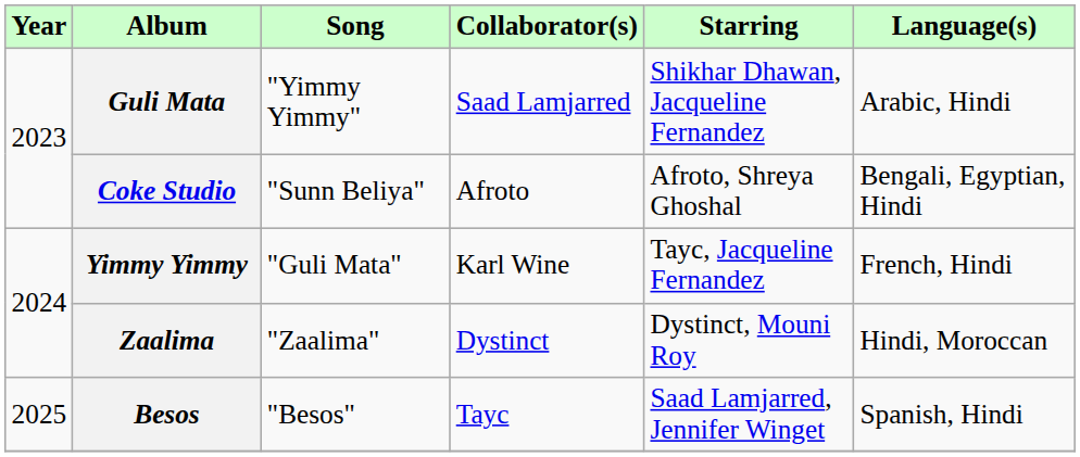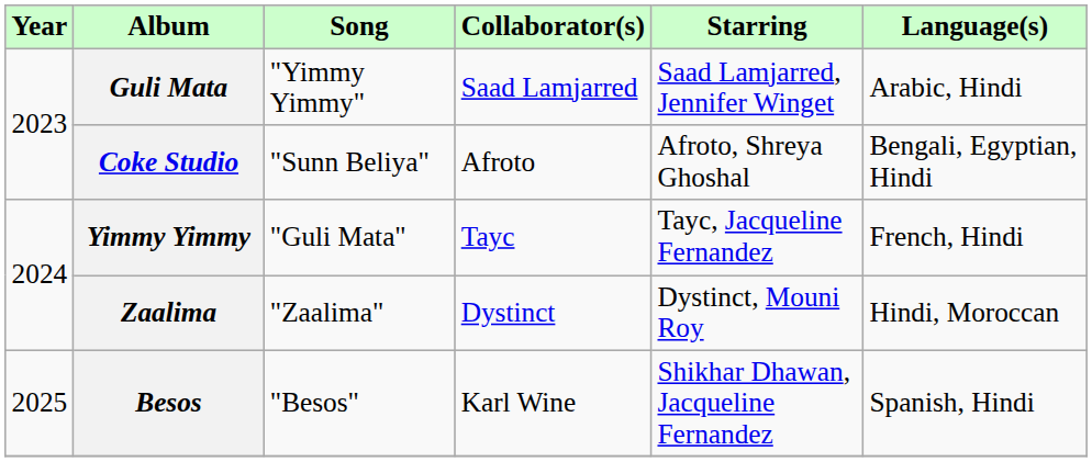 <table class="wikitable plainrowheaders" style="width:100%; textcolor:#000">
 <tr style="background:#cfc; text-align:center;">
 <td scope="col" style="width:5%;"><strong>Year</strong></td>
 <td scope="col" style="width:18%;"><strong>Album</strong></td>
 <td scope="col" style="width:18%;"><strong>Song</strong></td>
 <td scope="col" style="width:18%;"><strong>Collaborator(s)</strong></td>
 <td scope="col" style="width:20%;"><strong>Starring</strong></td>
 <td scope="col" style="width:21%;"><strong>Language(s)</strong></td>
 </tr>
 <tr>
 <td rowspan="2">2023</td>
 <th scope="row"><em>Guli Mata</em></th>
 <td>"Yimmy Yimmy"</td>
 <td><a href='#'>Saad Lamjarred</a></td>
-<td><a href='#'>Shikhar Dhawan</a>, <a href='#'>Jacqueline Fernandez</a></td>
+<td><a href='#'>Saad Lamjarred</a>, <a href='#'>Jennifer Winget</a></td>
 <td>Arabic, Hindi</td>
 </tr>
 <tr>
 <th scope="row"><em><a href='#'>Coke Studio</a></em></th>
 <td>"Sunn Beliya"</td>
 <td>Afroto</td>
 <td>Afroto, Shreya Ghoshal</td>
 <td>Bengali, Egyptian, Hindi</td>
 </tr>
 <tr>
 <td rowspan="2">2024</td>
 <th scope="row"><em>Yimmy Yimmy</em></th>
 <td>"Guli Mata"</td>
-<td>Karl Wine</td>
+<td><a href='#'>Tayc</a></td>
 <td>Tayc, <a href='#'>Jacqueline Fernandez</a></td>
 <td>French, Hindi</td>
 </tr>
 <tr>
 <th scope="row"><em>Zaalima</em></th>
 <td>"Zaalima"</td>
 <td><a href='#'>Dystinct</a></td>
 <td>Dystinct, <a href='#'>Mouni Roy</a></td>
 <td>Hindi, Moroccan</td>
 </tr>
 <tr>
 <td>2025</td>
 <th scope="row"><em>Besos</em></th>
 <td>"Besos"</td>
-<td><a href='#'>Tayc</a></td>
-<td><a href='#'>Saad Lamjarred</a>, <a href='#'>Jennifer Winget</a></td>
+<td>Karl Wine</td>
+<td><a href='#'>Shikhar Dhawan</a>, <a href='#'>Jacqueline Fernandez</a></td>
 <td>Spanish, Hindi</td>
 </tr>
 <tr>
 </tr>
 </table>
